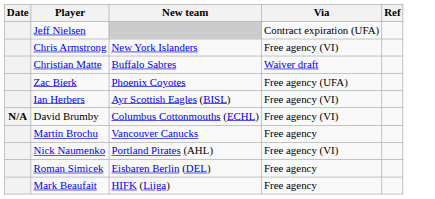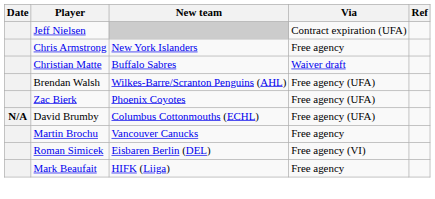 <table class="wikitable plainrowheaders">
 <tr style="background:#ddd; text-align:center;">
 <th>Date</th>
 <th>Player</th>
 <th>New team</th>
 <th>Via</th>
 <th>Ref</th>
 </tr>
 <tr>
 <th scope="row"></th>
 <td><a href='#'>Jeff Nielsen</a></td>
 <td style="background:#ccc"></td>
 <td>Contract expiration (UFA)</td>
 <td></td>
 </tr>
 <tr>
 <th scope="row"></th>
 <td><a href='#'>Chris Armstrong</a></td>
 <td><a href='#'>New York Islanders</a></td>
-<td>Free agency (VI)</td>
+<td>Free agency</td>
 <td></td>
 </tr>
 <tr>
 <th scope="row"></th>
 <td><a href='#'>Christian Matte</a></td>
 <td><a href='#'>Buffalo Sabres</a></td>
 <td><a href='#'>Waiver draft</a></td>
 <td></td>
 </tr>
 <tr>
 <th scope="row"></th>
+<td>Brendan Walsh</td>
+<td><a href='#'>Wilkes-Barre/Scranton Penguins</a> (<a href='#'>AHL</a>)</td>
+<td>Free agency (UFA)</td>
+<td></td>
+</tr>
+<tr>
+<th scope="row"></th>
 <td><a href='#'>Zac Bierk</a></td>
 <td><a href='#'>Phoenix Coyotes</a></td>
 <td>Free agency (UFA)</td>
 <td></td>
 </tr>
 <tr>
-<th scope="row"></th>
-<td><a href='#'>Ian Herbers</a></td>
-<td><a href='#'>Ayr Scottish Eagles</a> (<a href='#'>BISL</a>)</td>
-<td>Free agency (VI)</td>
-<td></td>
-</tr>
-<tr>
 <th scope="row">N/A</th>
 <td>David Brumby</td>
 <td><a href='#'>Columbus Cottonmouths</a> (<a href='#'>ECHL</a>)</td>
-<td>Free agency (VI)</td>
+<td>Free agency (UFA)</td>
 <td></td>
 </tr>
 <tr>
 <th scope="row"></th>
 <td><a href='#'>Martin Brochu</a></td>
 <td><a href='#'>Vancouver Canucks</a></td>
 <td>Free agency</td>
 <td></td>
 </tr>
 <tr>
 <th scope="row"></th>
-<td><a href='#'>Nick Naumenko</a></td>
-<td><a href='#'>Portland Pirates</a> (AHL)</td>
-<td>Free agency (VI)</td>
-<td></td>
-</tr>
-<tr>
-<th scope="row"></th>
 <td><a href='#'>Roman Simicek</a></td>
 <td><a href='#'>Eisbaren Berlin</a> (<a href='#'>DEL</a>)</td>
-<td>Free agency</td>
+<td>Free agency (VI)</td>
 <td></td>
 </tr>
 <tr>
 <th scope="row"></th>
 <td><a href='#'>Mark Beaufait</a></td>
 <td><a href='#'>HIFK</a> (<a href='#'>Liiga</a>)</td>
 <td>Free agency</td>
 <td></td>
 </tr>
 </table>
